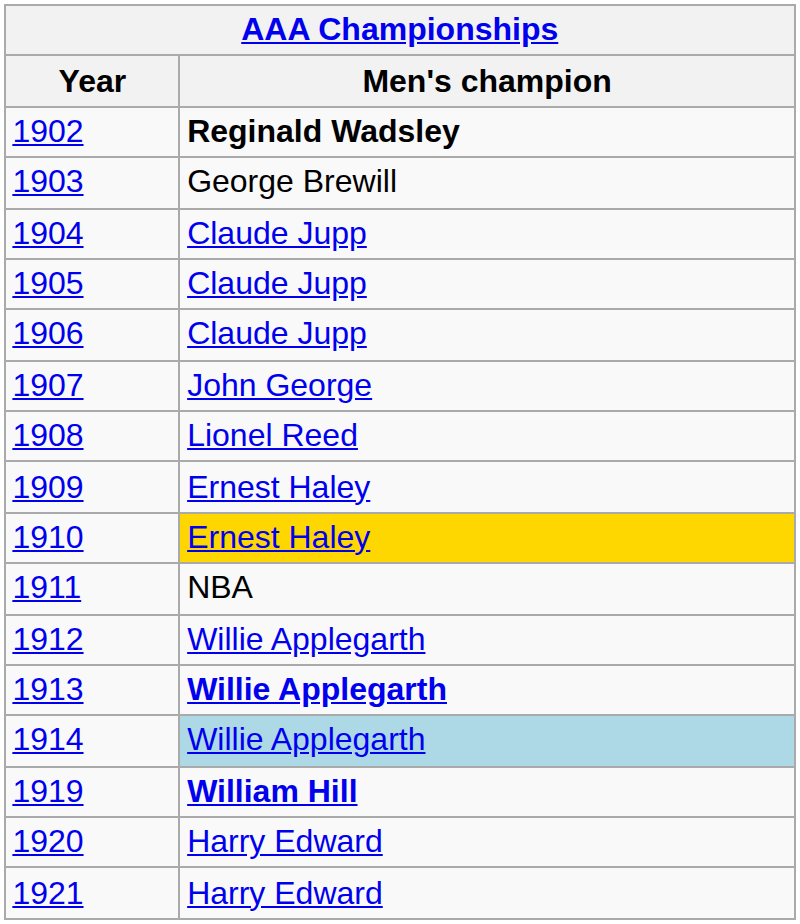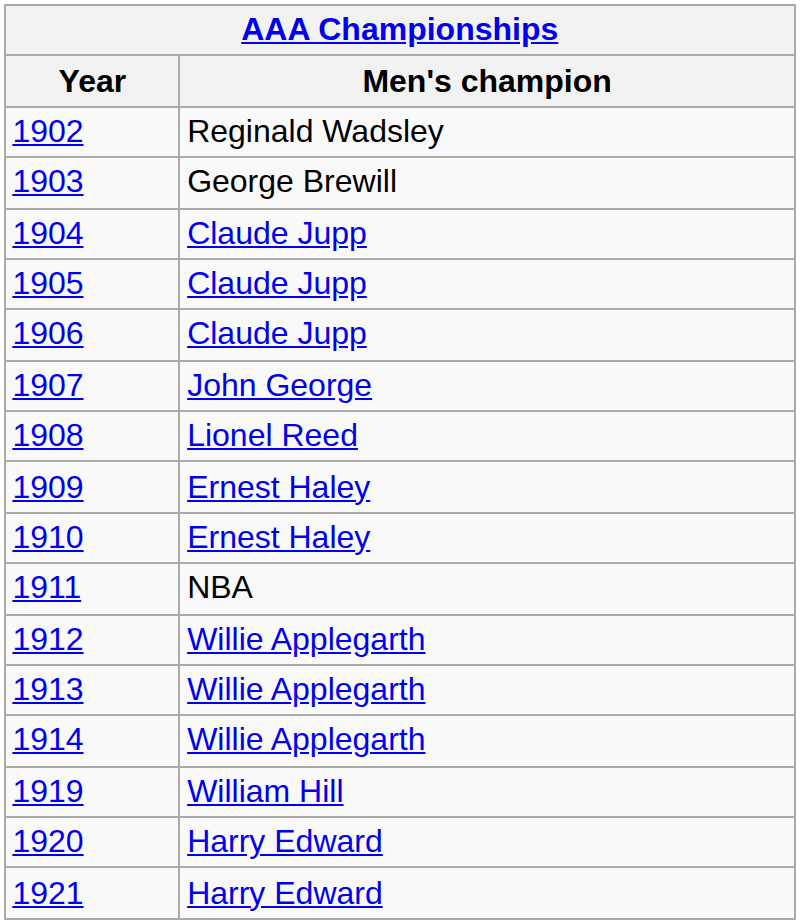 <table class="wikitable">
 <tr>
 <th colspan="2"><a href='#'>AAA Championships</a><br></th>
 </tr>
 <tr>
 <th width=80>Year</th>
 <th width=300>Men's champion</th>
 </tr>
 <tr>
 <td><a href='#'>1902</a></td>
-<td><strong>Reginald Wadsley</strong></td>
+<td>Reginald Wadsley</td>
 </tr>
 <tr>
 <td><a href='#'>1903</a></td>
 <td>George Brewill</td>
 </tr>
 <tr>
 <td><a href='#'>1904</a></td>
 <td><a href='#'>Claude Jupp</a></td>
 </tr>
 <tr>
 <td><a href='#'>1905</a></td>
 <td><a href='#'>Claude Jupp</a></td>
 </tr>
 <tr>
 <td><a href='#'>1906</a></td>
 <td><a href='#'>Claude Jupp</a></td>
 </tr>
 <tr>
 <td><a href='#'>1907</a></td>
 <td><a href='#'>John George</a></td>
 </tr>
 <tr>
 <td><a href='#'>1908</a></td>
 <td><a href='#'>Lionel Reed</a></td>
 </tr>
 <tr>
 <td><a href='#'>1909</a></td>
 <td><a href='#'>Ernest Haley</a></td>
 </tr>
 <tr>
 <td><a href='#'>1910</a></td>
-<td style="background: gold;"><a href='#'>Ernest Haley</a></td>
+<td><a href='#'>Ernest Haley</a></td>
 </tr>
 <tr>
 <td><a href='#'>1911</a></td>
 <td>NBA</td>
 </tr>
 <tr>
 <td><a href='#'>1912</a></td>
 <td><a href='#'>Willie Applegarth</a></td>
 </tr>
 <tr>
 <td><a href='#'>1913</a></td>
-<td><strong><a href='#'>Willie Applegarth</a></strong></td>
+<td><a href='#'>Willie Applegarth</a></td>
 </tr>
 <tr>
 <td><a href='#'>1914</a></td>
-<td style="background: lightblue;"><a href='#'>Willie Applegarth</a></td>
+<td><a href='#'>Willie Applegarth</a></td>
 </tr>
 <tr>
 <td><a href='#'>1919</a></td>
-<td><strong><a href='#'>William Hill</a></strong></td>
+<td><a href='#'>William Hill</a></td>
 </tr>
 <tr>
 <td><a href='#'>1920</a></td>
 <td><a href='#'>Harry Edward</a></td>
 </tr>
 <tr>
 <td><a href='#'>1921</a></td>
 <td><a href='#'>Harry Edward</a></td>
 </tr>
 </table>
